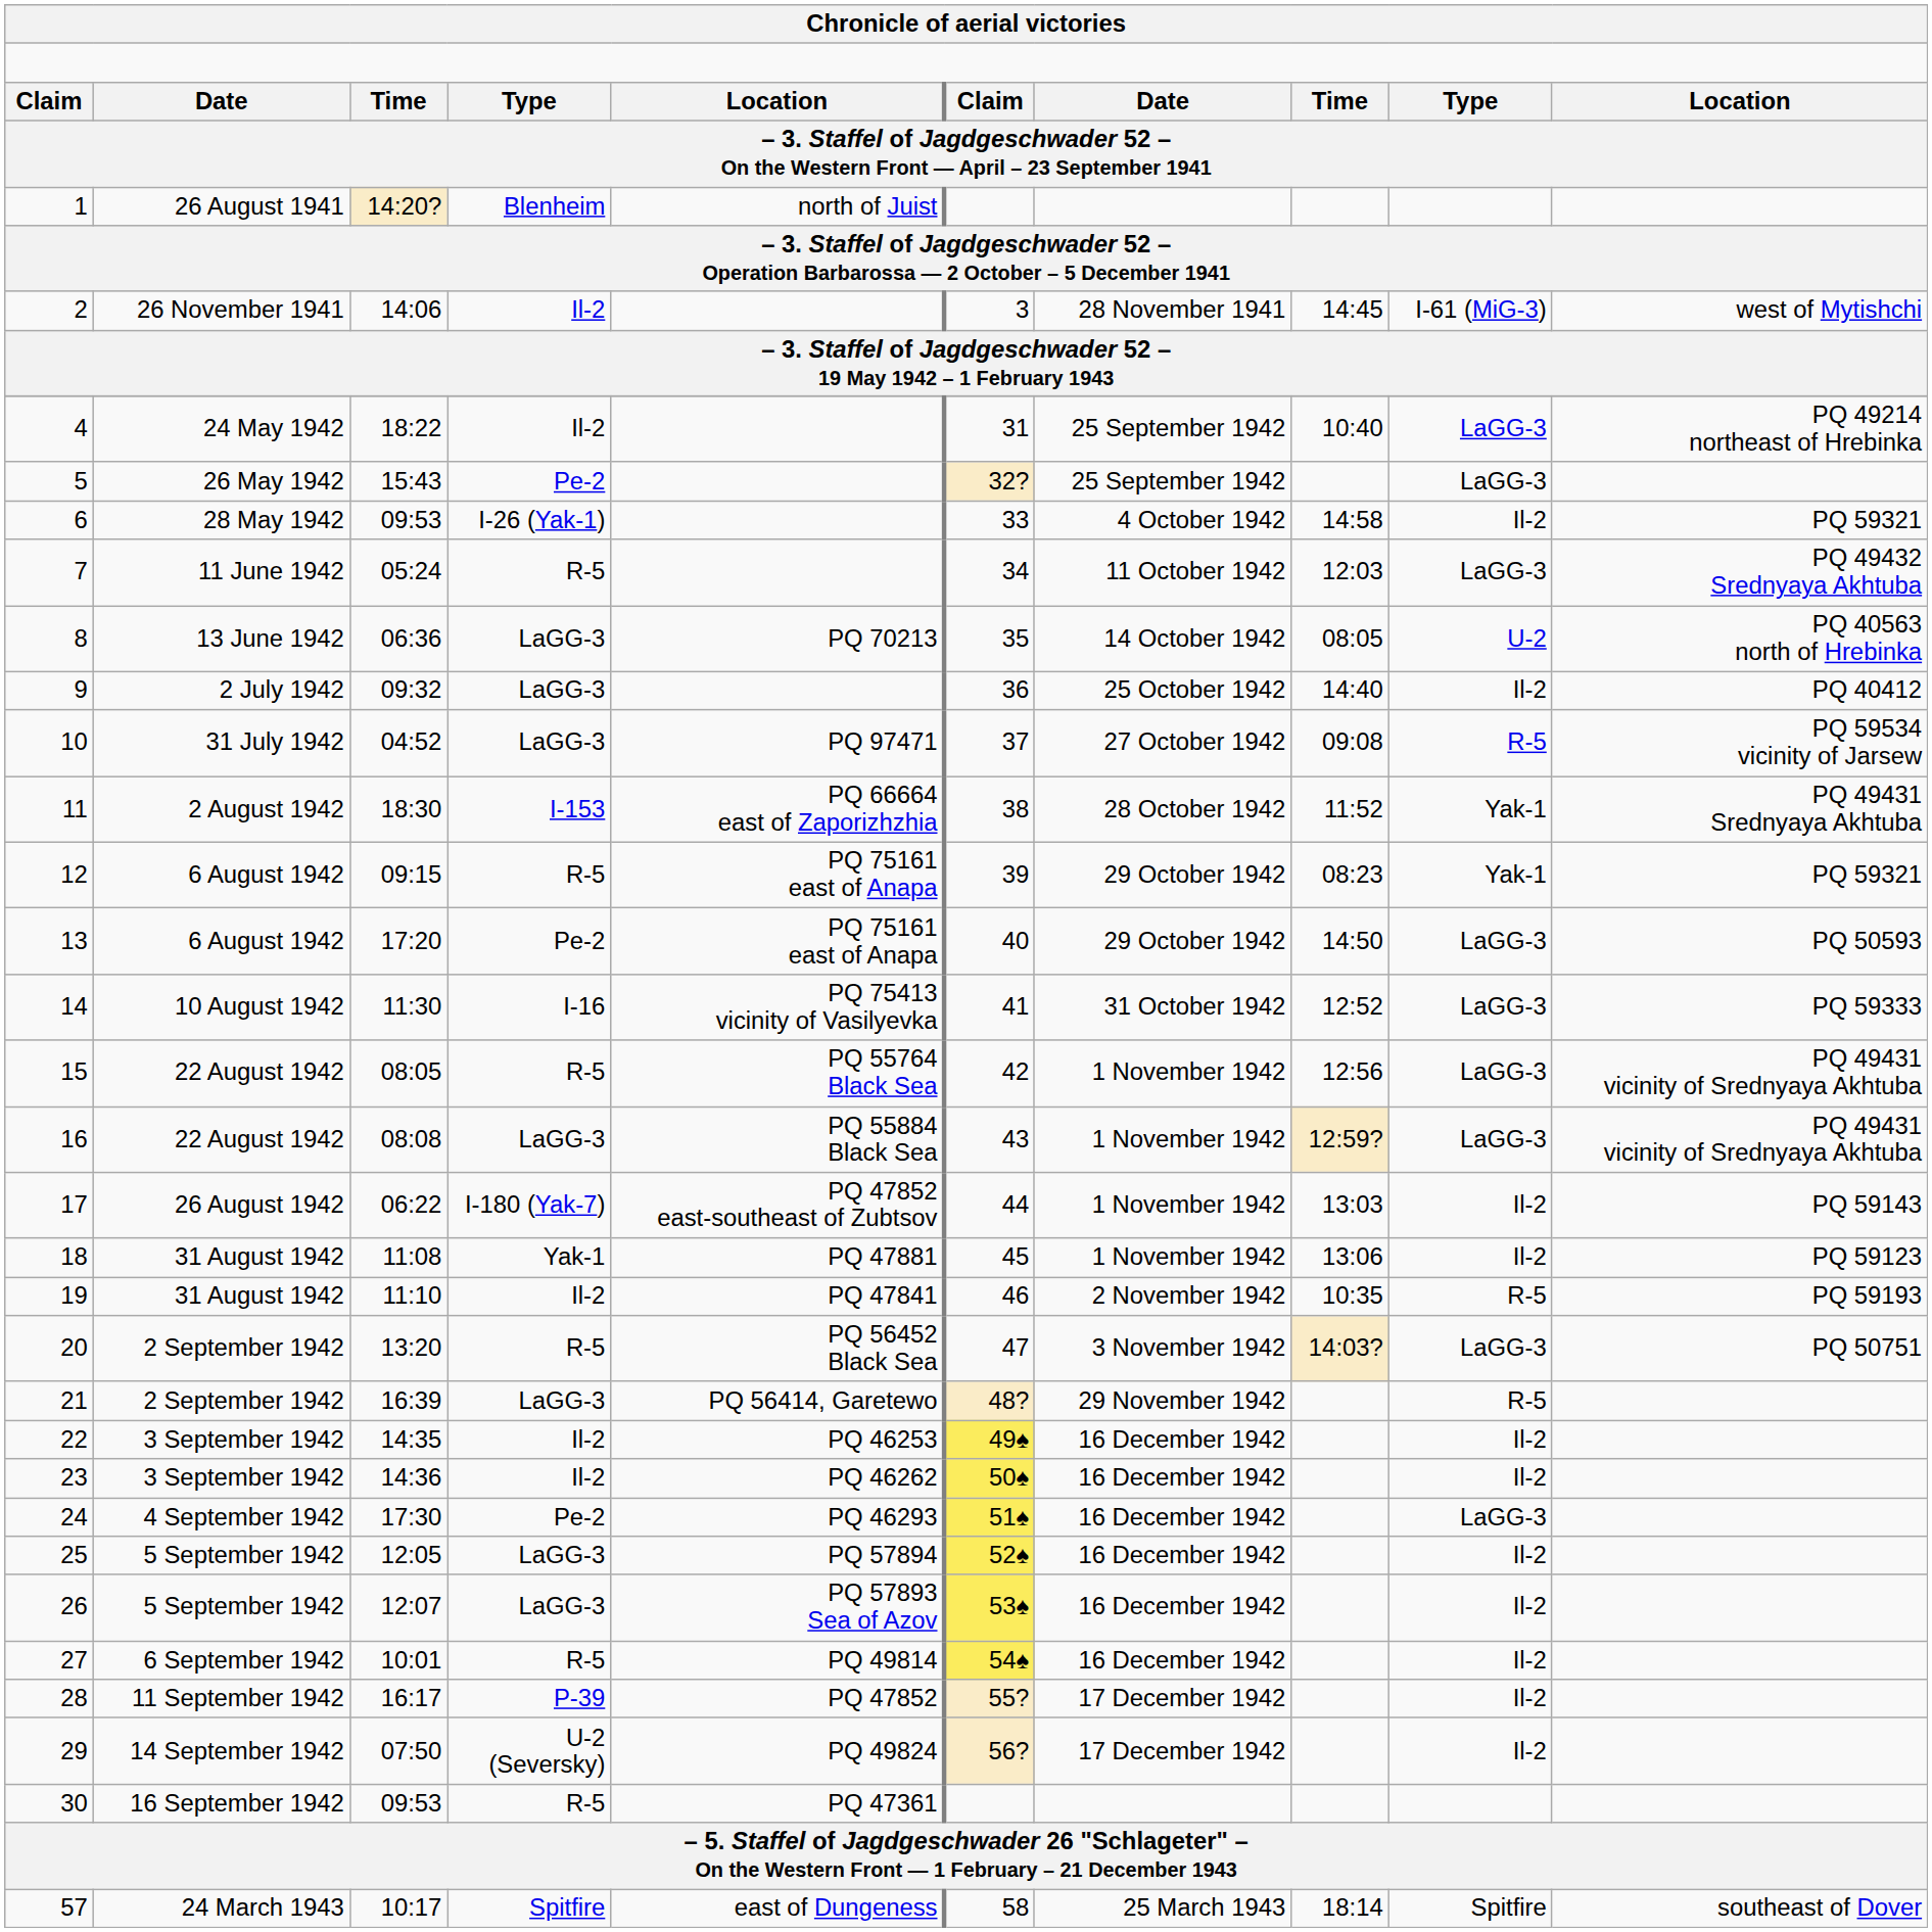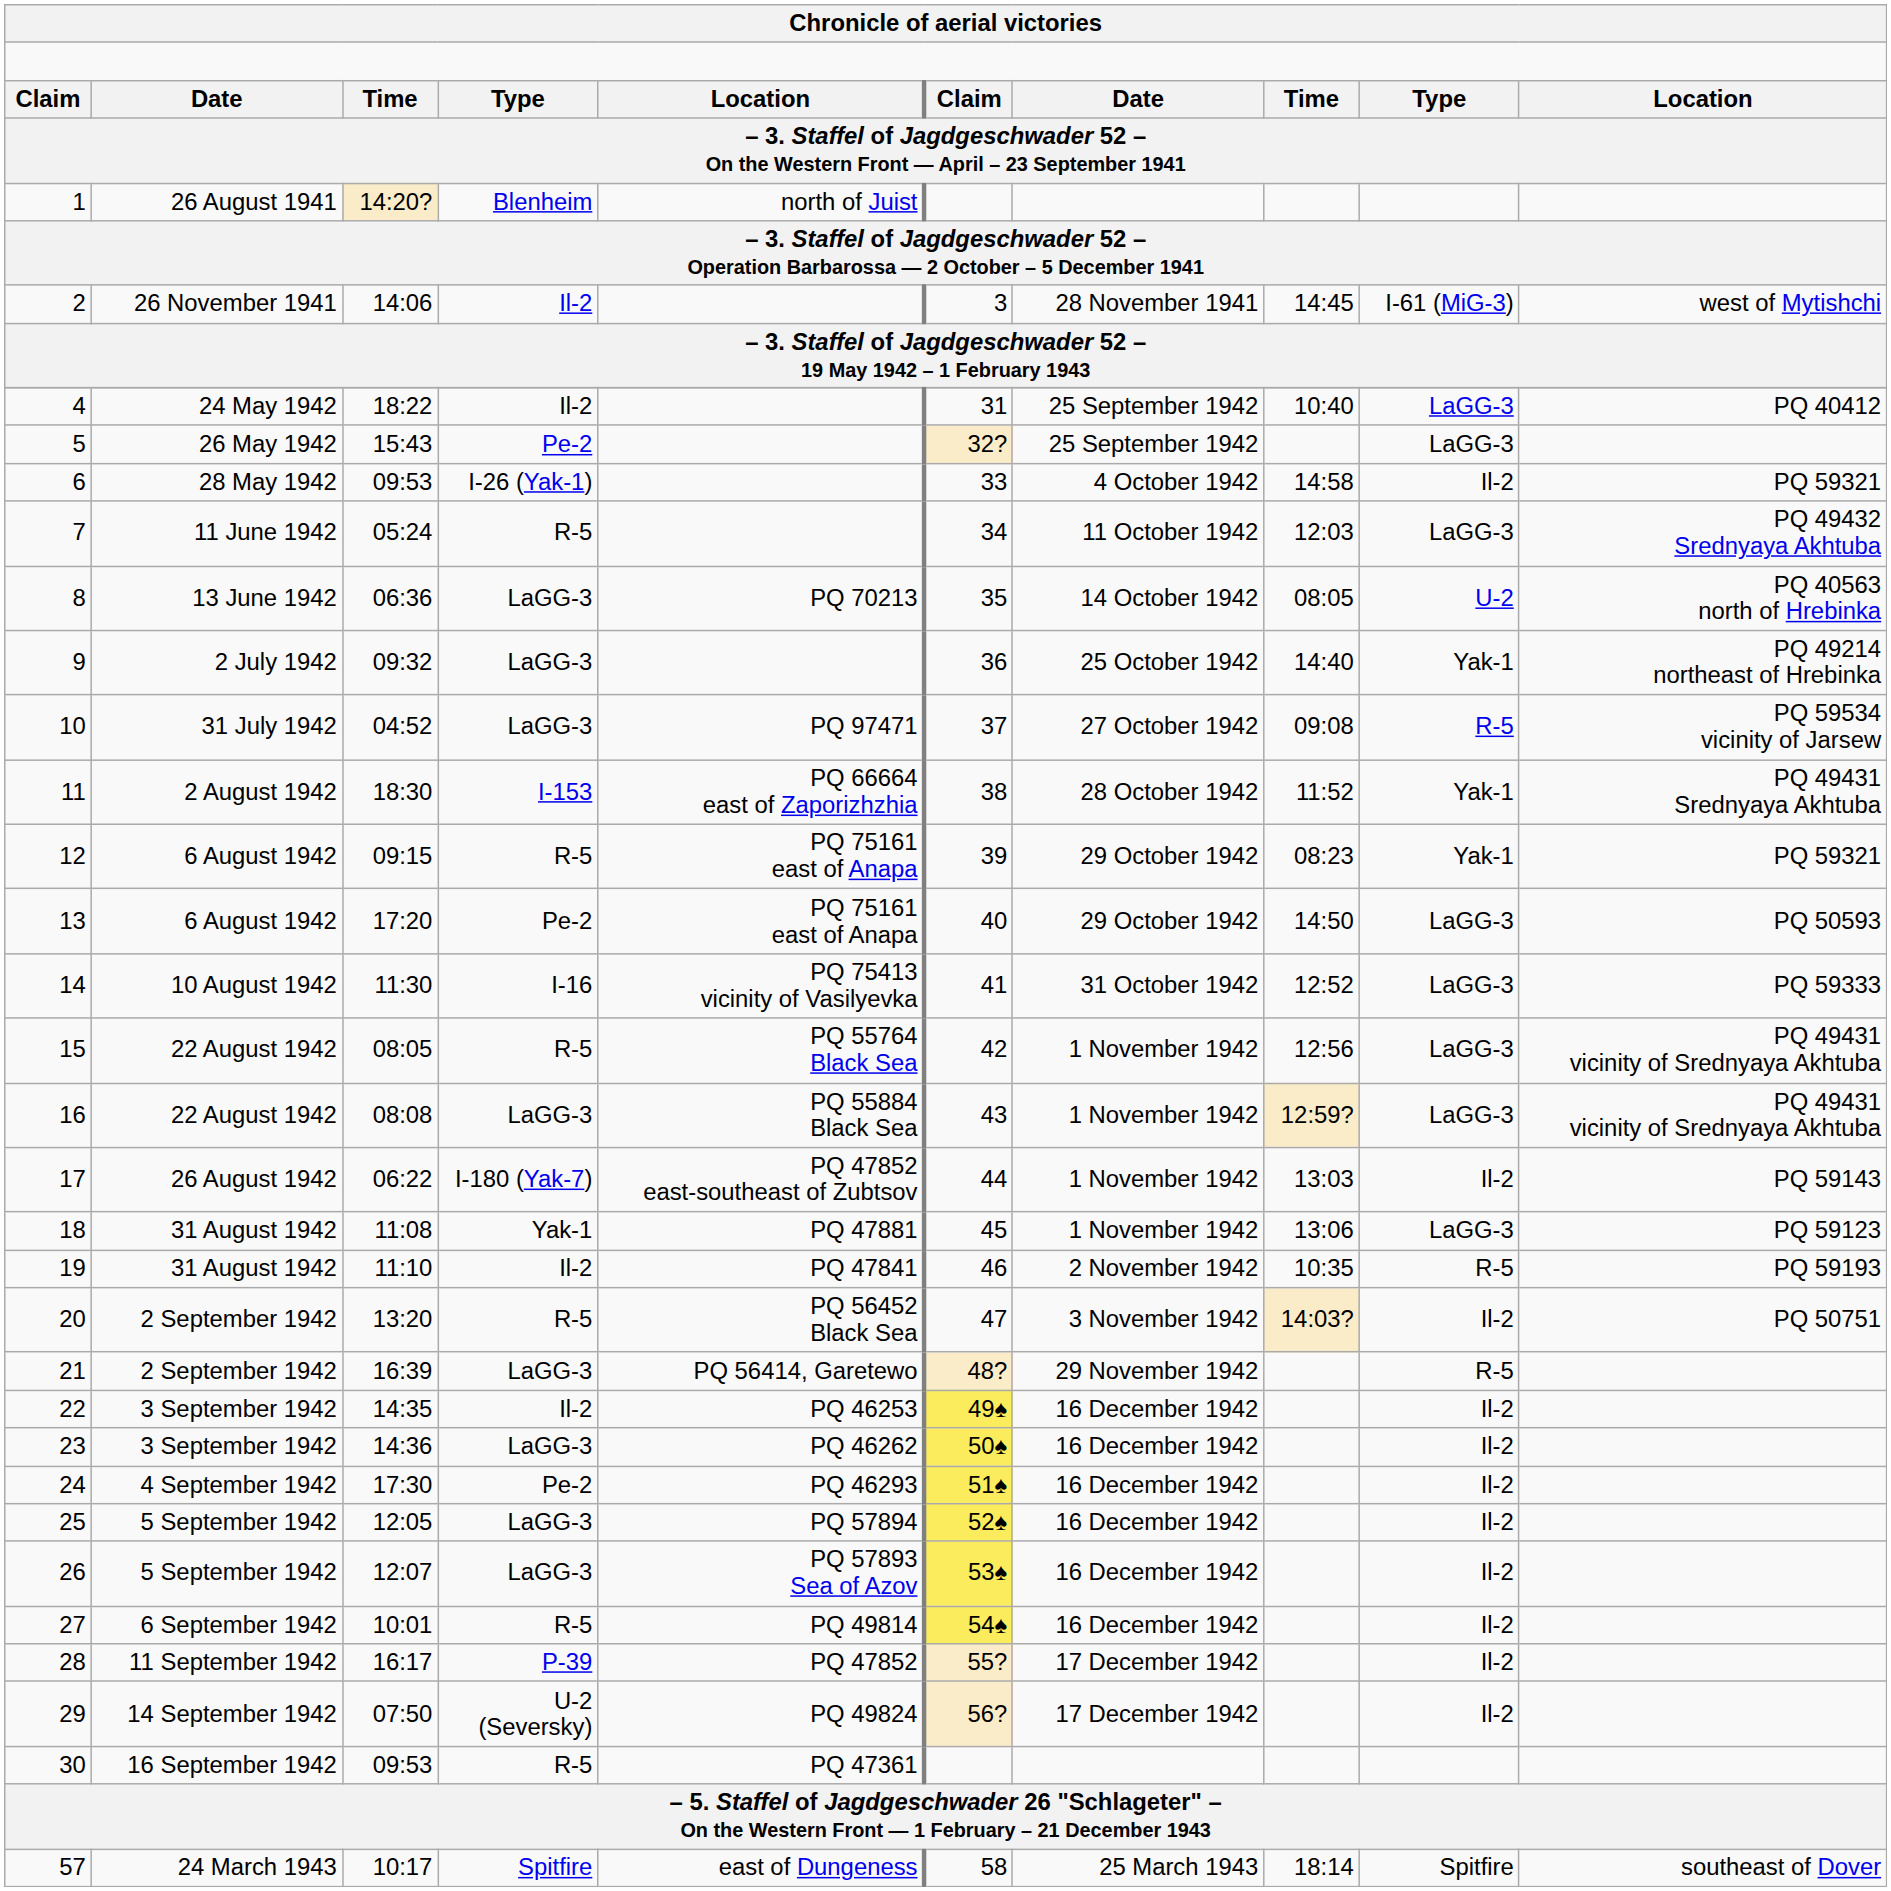 <table class="wikitable plainrowheaders collapsible" style="margin-left: auto; margin-right: auto; border: none; text-align:right; width: 100%;">
 <tr>
 <th colspan="10">Chronicle of aerial victories</th>
 </tr>
 <tr>
 <td colspan="10" style="text-align: left;"><br> </td>
 </tr>
 <tr>
 <th scope="col">Claim</th>
 <th scope="col">Date</th>
 <th scope="col">Time</th>
 <th scope="col" width="100px">Type</th>
 <th scope="col">Location</th>
 <th scope="col" style="border-left: 3px solid grey;">Claim</th>
 <th scope="col">Date</th>
 <th scope="col">Time</th>
 <th scope="col" width="100px">Type</th>
 <th scope="col">Location</th>
 </tr>
 <tr>
 <th colspan="10">– 3. <em>Staffel</em> of <em>Jagdgeschwader</em> 52 –<br><small>On the Western Front — April – 23 September 1941</small></th>
 </tr>
 <tr>
 <td>1</td>
 <td>26 August 1941</td>
 <td style="background:#faecc8">14:20?</td>
 <td><a href='#'>Blenheim</a></td>
 <td>north of <a href='#'>Juist</a></td>
 <td style="border-left: 3px solid grey;"></td>
 <td></td>
 <td></td>
 <td></td>
 <td></td>
 </tr>
 <tr>
 <th colspan="10">– 3. <em>Staffel</em> of <em>Jagdgeschwader</em> 52 –<br><small>Operation Barbarossa — 2 October – 5 December 1941</small></th>
 </tr>
 <tr>
 <td>2</td>
 <td>26 November 1941</td>
 <td>14:06</td>
 <td><a href='#'>Il-2</a></td>
 <td></td>
 <td style="border-left: 3px solid grey;">3</td>
 <td>28 November 1941</td>
 <td>14:45</td>
 <td>I-61 (<a href='#'>MiG-3</a>)</td>
 <td>west of <a href='#'>Mytishchi</a></td>
 </tr>
 <tr>
 <th colspan="10">– 3. <em>Staffel</em> of <em>Jagdgeschwader</em> 52 –<br><small>19 May 1942 – 1 February 1943</small></th>
 </tr>
 <tr>
 </tr>
 <tr>
 <td>4</td>
 <td>24 May 1942</td>
 <td>18:22</td>
 <td>Il-2</td>
 <td></td>
 <td style="border-left: 3px solid grey;">31</td>
 <td>25 September 1942</td>
 <td>10:40</td>
 <td><a href='#'>LaGG-3</a></td>
-<td>PQ 49214<br>northeast of Hrebinka</td>
+<td>PQ 40412</td>
 </tr>
 <tr>
 <td>5</td>
 <td>26 May 1942</td>
 <td>15:43</td>
 <td><a href='#'>Pe-2</a></td>
 <td></td>
 <td style="border-left: 3px solid grey; background:#faecc8">32?</td>
 <td>25 September 1942</td>
 <td></td>
 <td>LaGG-3</td>
 <td></td>
 </tr>
 <tr>
 <td>6</td>
 <td>28 May 1942</td>
 <td>09:53</td>
 <td>I-26 (<a href='#'>Yak-1</a>)</td>
 <td></td>
 <td style="border-left: 3px solid grey;">33</td>
 <td>4 October 1942</td>
 <td>14:58</td>
 <td>Il-2</td>
 <td>PQ 59321</td>
 </tr>
 <tr>
 <td>7</td>
 <td>11 June 1942</td>
 <td>05:24</td>
 <td>R-5</td>
 <td></td>
 <td style="border-left: 3px solid grey;">34</td>
 <td>11 October 1942</td>
 <td>12:03</td>
 <td>LaGG-3</td>
 <td>PQ 49432<br><a href='#'>Srednyaya Akhtuba</a></td>
 </tr>
 <tr>
 <td>8</td>
 <td>13 June 1942</td>
 <td>06:36</td>
 <td>LaGG-3</td>
 <td>PQ 70213</td>
 <td style="border-left: 3px solid grey;">35</td>
 <td>14 October 1942</td>
 <td>08:05</td>
 <td><a href='#'>U-2</a></td>
 <td>PQ 40563<br> north of <a href='#'>Hrebinka</a></td>
 </tr>
 <tr>
 <td>9</td>
 <td>2 July 1942</td>
 <td>09:32</td>
 <td>LaGG-3</td>
 <td></td>
 <td style="border-left: 3px solid grey;">36</td>
 <td>25 October 1942</td>
 <td>14:40</td>
-<td>Il-2</td>
-<td>PQ 40412</td>
+<td>Yak-1</td>
+<td>PQ 49214<br>northeast of Hrebinka</td>
 </tr>
 <tr>
 <td>10</td>
 <td>31 July 1942</td>
 <td>04:52</td>
 <td>LaGG-3</td>
 <td>PQ 97471</td>
 <td style="border-left: 3px solid grey;">37</td>
 <td>27 October 1942</td>
 <td>09:08</td>
 <td><a href='#'>R-5</a></td>
 <td>PQ 59534<br>vicinity of Jarsew</td>
 </tr>
 <tr>
 <td>11</td>
 <td>2 August 1942</td>
 <td>18:30</td>
 <td><a href='#'>I-153</a></td>
 <td>PQ 66664<br>east of <a href='#'>Zaporizhzhia</a></td>
 <td style="border-left: 3px solid grey;">38</td>
 <td>28 October 1942</td>
 <td>11:52</td>
 <td>Yak-1</td>
 <td>PQ 49431<br>Srednyaya Akhtuba</td>
 </tr>
 <tr>
 <td>12</td>
 <td>6 August 1942</td>
 <td>09:15</td>
 <td>R-5</td>
 <td>PQ 75161<br>east of <a href='#'>Anapa</a></td>
 <td style="border-left: 3px solid grey;">39</td>
 <td>29 October 1942</td>
 <td>08:23</td>
 <td>Yak-1</td>
 <td>PQ 59321</td>
 </tr>
 <tr>
 <td>13</td>
 <td>6 August 1942</td>
 <td>17:20</td>
 <td>Pe-2</td>
 <td>PQ 75161<br>east of Anapa</td>
 <td style="border-left: 3px solid grey;">40</td>
 <td>29 October 1942</td>
 <td>14:50</td>
 <td>LaGG-3</td>
 <td>PQ 50593</td>
 </tr>
 <tr>
 <td>14</td>
 <td>10 August 1942</td>
 <td>11:30</td>
 <td>I-16</td>
 <td>PQ 75413<br>vicinity of Vasilyevka</td>
 <td style="border-left: 3px solid grey;">41</td>
 <td>31 October 1942</td>
 <td>12:52</td>
 <td>LaGG-3</td>
 <td>PQ 59333</td>
 </tr>
 <tr>
 <td>15</td>
 <td>22 August 1942</td>
 <td>08:05</td>
 <td>R-5</td>
 <td>PQ 55764<br><a href='#'>Black Sea</a></td>
 <td style="border-left: 3px solid grey;">42</td>
 <td>1 November 1942</td>
 <td>12:56</td>
 <td>LaGG-3</td>
 <td>PQ 49431<br>vicinity of Srednyaya Akhtuba</td>
 </tr>
 <tr>
 <td>16</td>
 <td>22 August 1942</td>
 <td>08:08</td>
 <td>LaGG-3</td>
 <td>PQ 55884<br>Black Sea</td>
 <td style="border-left: 3px solid grey;">43</td>
 <td>1 November 1942</td>
 <td style="background:#faecc8">12:59?</td>
 <td>LaGG-3</td>
 <td>PQ 49431<br>vicinity of Srednyaya Akhtuba</td>
 </tr>
 <tr>
 <td>17</td>
 <td>26 August 1942</td>
 <td>06:22</td>
 <td>I-180 (<a href='#'>Yak-7</a>)</td>
 <td>PQ 47852<br>east-southeast of Zubtsov</td>
 <td style="border-left: 3px solid grey;">44</td>
 <td>1 November 1942</td>
 <td>13:03</td>
 <td>Il-2</td>
 <td>PQ 59143</td>
 </tr>
 <tr>
 <td>18</td>
 <td>31 August 1942</td>
 <td>11:08</td>
 <td>Yak-1</td>
 <td>PQ 47881</td>
 <td style="border-left: 3px solid grey;">45</td>
 <td>1 November 1942</td>
 <td>13:06</td>
-<td>Il-2</td>
+<td>LaGG-3</td>
 <td>PQ 59123</td>
 </tr>
 <tr>
 <td>19</td>
 <td>31 August 1942</td>
 <td>11:10</td>
 <td>Il-2</td>
 <td>PQ 47841</td>
 <td style="border-left: 3px solid grey;">46</td>
 <td>2 November 1942</td>
 <td>10:35</td>
 <td>R-5</td>
 <td>PQ 59193</td>
 </tr>
 <tr>
 <td>20</td>
 <td>2 September 1942</td>
 <td>13:20</td>
 <td>R-5</td>
 <td>PQ 56452<br>Black Sea</td>
 <td style="border-left: 3px solid grey;">47</td>
 <td>3 November 1942</td>
 <td style="background:#faecc8">14:03?</td>
-<td>LaGG-3</td>
+<td>Il-2</td>
 <td>PQ 50751</td>
 </tr>
 <tr>
 <td>21</td>
 <td>2 September 1942</td>
 <td>16:39</td>
 <td>LaGG-3</td>
 <td>PQ 56414, Garetewo</td>
 <td style="border-left: 3px solid grey; background:#faecc8">48?</td>
 <td>29 November 1942</td>
 <td></td>
 <td>R-5</td>
 <td></td>
 </tr>
 <tr>
 <td>22</td>
 <td>3 September 1942</td>
 <td>14:35</td>
 <td>Il-2</td>
 <td>PQ 46253</td>
 <td style="border-left: 3px solid grey; background:#fbec5d;">49♠</td>
 <td>16 December 1942</td>
 <td></td>
 <td>Il-2</td>
 <td></td>
 </tr>
 <tr>
 <td>23</td>
 <td>3 September 1942</td>
 <td>14:36</td>
-<td>Il-2</td>
+<td>LaGG-3</td>
 <td>PQ 46262</td>
 <td style="border-left: 3px solid grey; background:#fbec5d;">50♠</td>
 <td>16 December 1942</td>
 <td></td>
 <td>Il-2</td>
 <td></td>
 </tr>
 <tr>
 <td>24</td>
 <td>4 September 1942</td>
 <td>17:30</td>
 <td>Pe-2</td>
 <td>PQ 46293</td>
 <td style="border-left: 3px solid grey; background:#fbec5d;">51♠</td>
 <td>16 December 1942</td>
 <td></td>
-<td>LaGG-3</td>
+<td>Il-2</td>
 <td></td>
 </tr>
 <tr>
 <td>25</td>
 <td>5 September 1942</td>
 <td>12:05</td>
 <td>LaGG-3</td>
 <td>PQ 57894</td>
 <td style="border-left: 3px solid grey; background:#fbec5d;">52♠</td>
 <td>16 December 1942</td>
 <td></td>
 <td>Il-2</td>
 <td></td>
 </tr>
 <tr>
 <td>26</td>
 <td>5 September 1942</td>
 <td>12:07</td>
 <td>LaGG-3</td>
 <td>PQ 57893<br><a href='#'>Sea of Azov</a></td>
 <td style="border-left: 3px solid grey; background:#fbec5d;">53♠</td>
 <td>16 December 1942</td>
 <td></td>
 <td>Il-2</td>
 <td></td>
 </tr>
 <tr>
 <td>27</td>
 <td>6 September 1942</td>
 <td>10:01</td>
 <td>R-5</td>
 <td>PQ 49814</td>
 <td style="border-left: 3px solid grey; background:#fbec5d;">54♠</td>
 <td>16 December 1942</td>
 <td></td>
 <td>Il-2</td>
 <td></td>
 </tr>
 <tr>
 <td>28</td>
 <td>11 September 1942</td>
 <td>16:17</td>
 <td><a href='#'>P-39</a></td>
 <td>PQ 47852</td>
 <td style="border-left: 3px solid grey; background:#faecc8">55?</td>
 <td>17 December 1942</td>
 <td></td>
 <td>Il-2</td>
 <td></td>
 </tr>
 <tr>
 <td>29</td>
 <td>14 September 1942</td>
 <td>07:50</td>
 <td>U-2 (Seversky)</td>
 <td>PQ 49824</td>
 <td style="border-left: 3px solid grey; background:#faecc8">56?</td>
 <td>17 December 1942</td>
 <td></td>
 <td>Il-2</td>
 <td></td>
 </tr>
 <tr>
 <td>30</td>
 <td>16 September 1942</td>
 <td>09:53</td>
 <td>R-5</td>
 <td>PQ 47361</td>
 <td style="border-left: 3px solid grey;"></td>
 <td></td>
 <td></td>
 <td></td>
 <td></td>
 </tr>
 <tr>
 <th colspan="10">– 5. <em>Staffel</em> of <em>Jagdgeschwader</em> 26 "Schlageter" –<br><small>On the Western Front — 1 February – 21 December 1943</small></th>
 </tr>
 <tr>
 <td>57</td>
 <td>24 March 1943</td>
 <td>10:17</td>
 <td><a href='#'>Spitfire</a></td>
 <td> east of <a href='#'>Dungeness</a></td>
 <td style="border-left: 3px solid grey;">58</td>
 <td>25 March 1943</td>
 <td>18:14</td>
 <td>Spitfire</td>
 <td> southeast of <a href='#'>Dover</a></td>
 </tr>
 </table>
